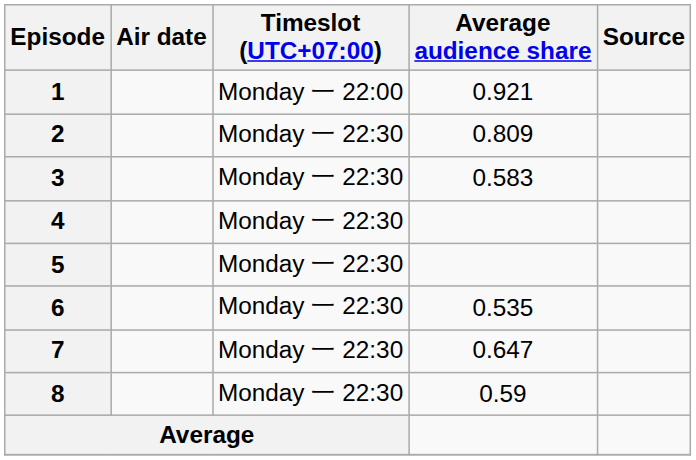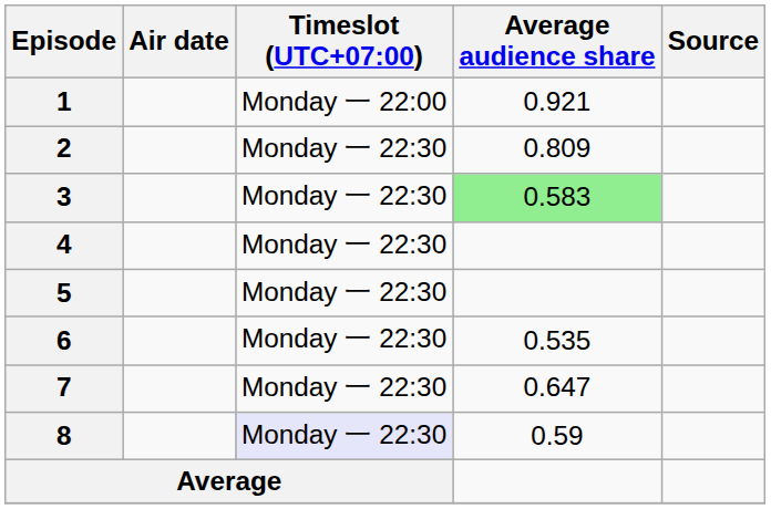 <table class="wikitable" style="text-align: center;">
 <tr>
 <th>Episode<br></th>
 <th>Air date</th>
 <th>Timeslot <br>(<a href='#'>UTC+07:00</a>)</th>
 <th>Average<br><a href='#'>audience share</a></th>
 <th>Source</th>
 </tr>
 <tr>
 <th>1</th>
 <td></td>
 <td>Monday 一 22:00</td>
 <td>0.921</td>
 <td></td>
 </tr>
 <tr>
 <th>2</th>
 <td></td>
 <td>Monday 一 22:30</td>
 <td>0.809</td>
 <td></td>
 </tr>
 <tr>
 <th>3</th>
 <td></td>
 <td>Monday 一 22:30</td>
-<td>0.583</td>
+<td style="background: lightgreen;">0.583</td>
 <td></td>
 </tr>
 <tr>
 <th>4</th>
 <td></td>
 <td>Monday 一 22:30</td>
 <td></td>
 <td></td>
 </tr>
 <tr>
 <th>5</th>
 <td></td>
 <td>Monday 一 22:30</td>
 <td></td>
 <td></td>
 </tr>
 <tr>
 <th>6</th>
 <td></td>
 <td>Monday 一 22:30</td>
 <td>0.535</td>
 <td></td>
 </tr>
 <tr>
 <th>7</th>
 <td></td>
 <td>Monday 一 22:30</td>
 <td>0.647</td>
 <td></td>
 </tr>
 <tr>
 <th>8</th>
 <td></td>
-<td>Monday 一 22:30</td>
+<td style="background: lavender;">Monday 一 22:30</td>
 <td>0.59</td>
 <td></td>
 </tr>
 <tr>
 <th colspan="3">Average</th>
 <td></td>
 <td></td>
 </tr>
 <tr>
 </tr>
 </table>
